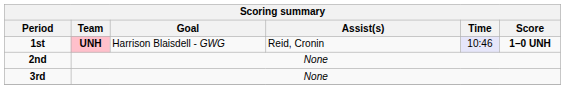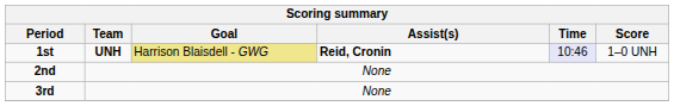 <table style="width:100%;" class="wikitable">
 <tr>
 <th colspan=6>Scoring summary</th>
 </tr>
 <tr>
 <th style="width:12%;">Period</th>
 <th style="width:7%;">Team</th>
 <th style="width:28%;">Goal</th>
 <th style="width:35%;">Assist(s)</th>
 <th style="width:7%;">Time</th>
 <th style="width:11%;">Score</th>
 </tr>
 <tr>
 <td style="text-align:center;" rowspan="1"><strong>1st</strong></td>
-<td align=center style="background: pink;"><strong>UNH</strong></td>
-<td>Harrison Blaisdell - <em>GWG</em></td>
-<td>Reid, Cronin</td>
+<td align=center><strong>UNH</strong></td>
+<td style="background: khaki;">Harrison Blaisdell - <em>GWG</em></td>
+<td><strong>Reid, Cronin</strong></td>
 <td align=center style="background: lavender;">10:46</td>
-<td align=center><strong>1–0 UNH</strong></td>
+<td align=center>1–0 UNH</td>
 </tr>
 <tr>
 <td style="text-align:center;" rowspan="1"><strong>2nd</strong></td>
 <td style="text-align:center;" colspan="5"><em>None</em></td>
 </tr>
 <tr>
 <td style="text-align:center;" rowspan="1"><strong>3rd</strong></td>
 <td style="text-align:center;" colspan="5"><em>None</em></td>
 </tr>
 <tr>
 </tr>
 </table>
